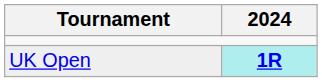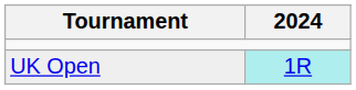 <table class="wikitable" style="width:20%; margin:0">
 <tr>
 <th>Tournament</th>
 <th>2024</th>
 </tr>
 <tr>
 <td colspan="16" style="text-align:left"><strong></strong></td>
 </tr>
 <tr>
 <td style="background:#efefef;"><a href='#'>UK Open</a></td>
-<td style="text-align:center; background:#afeeee;"><strong><a href='#'>1R</a></strong></td>
+<td style="text-align:center; background:#afeeee;"><a href='#'>1R</a></td>
 </tr>
 </table>
